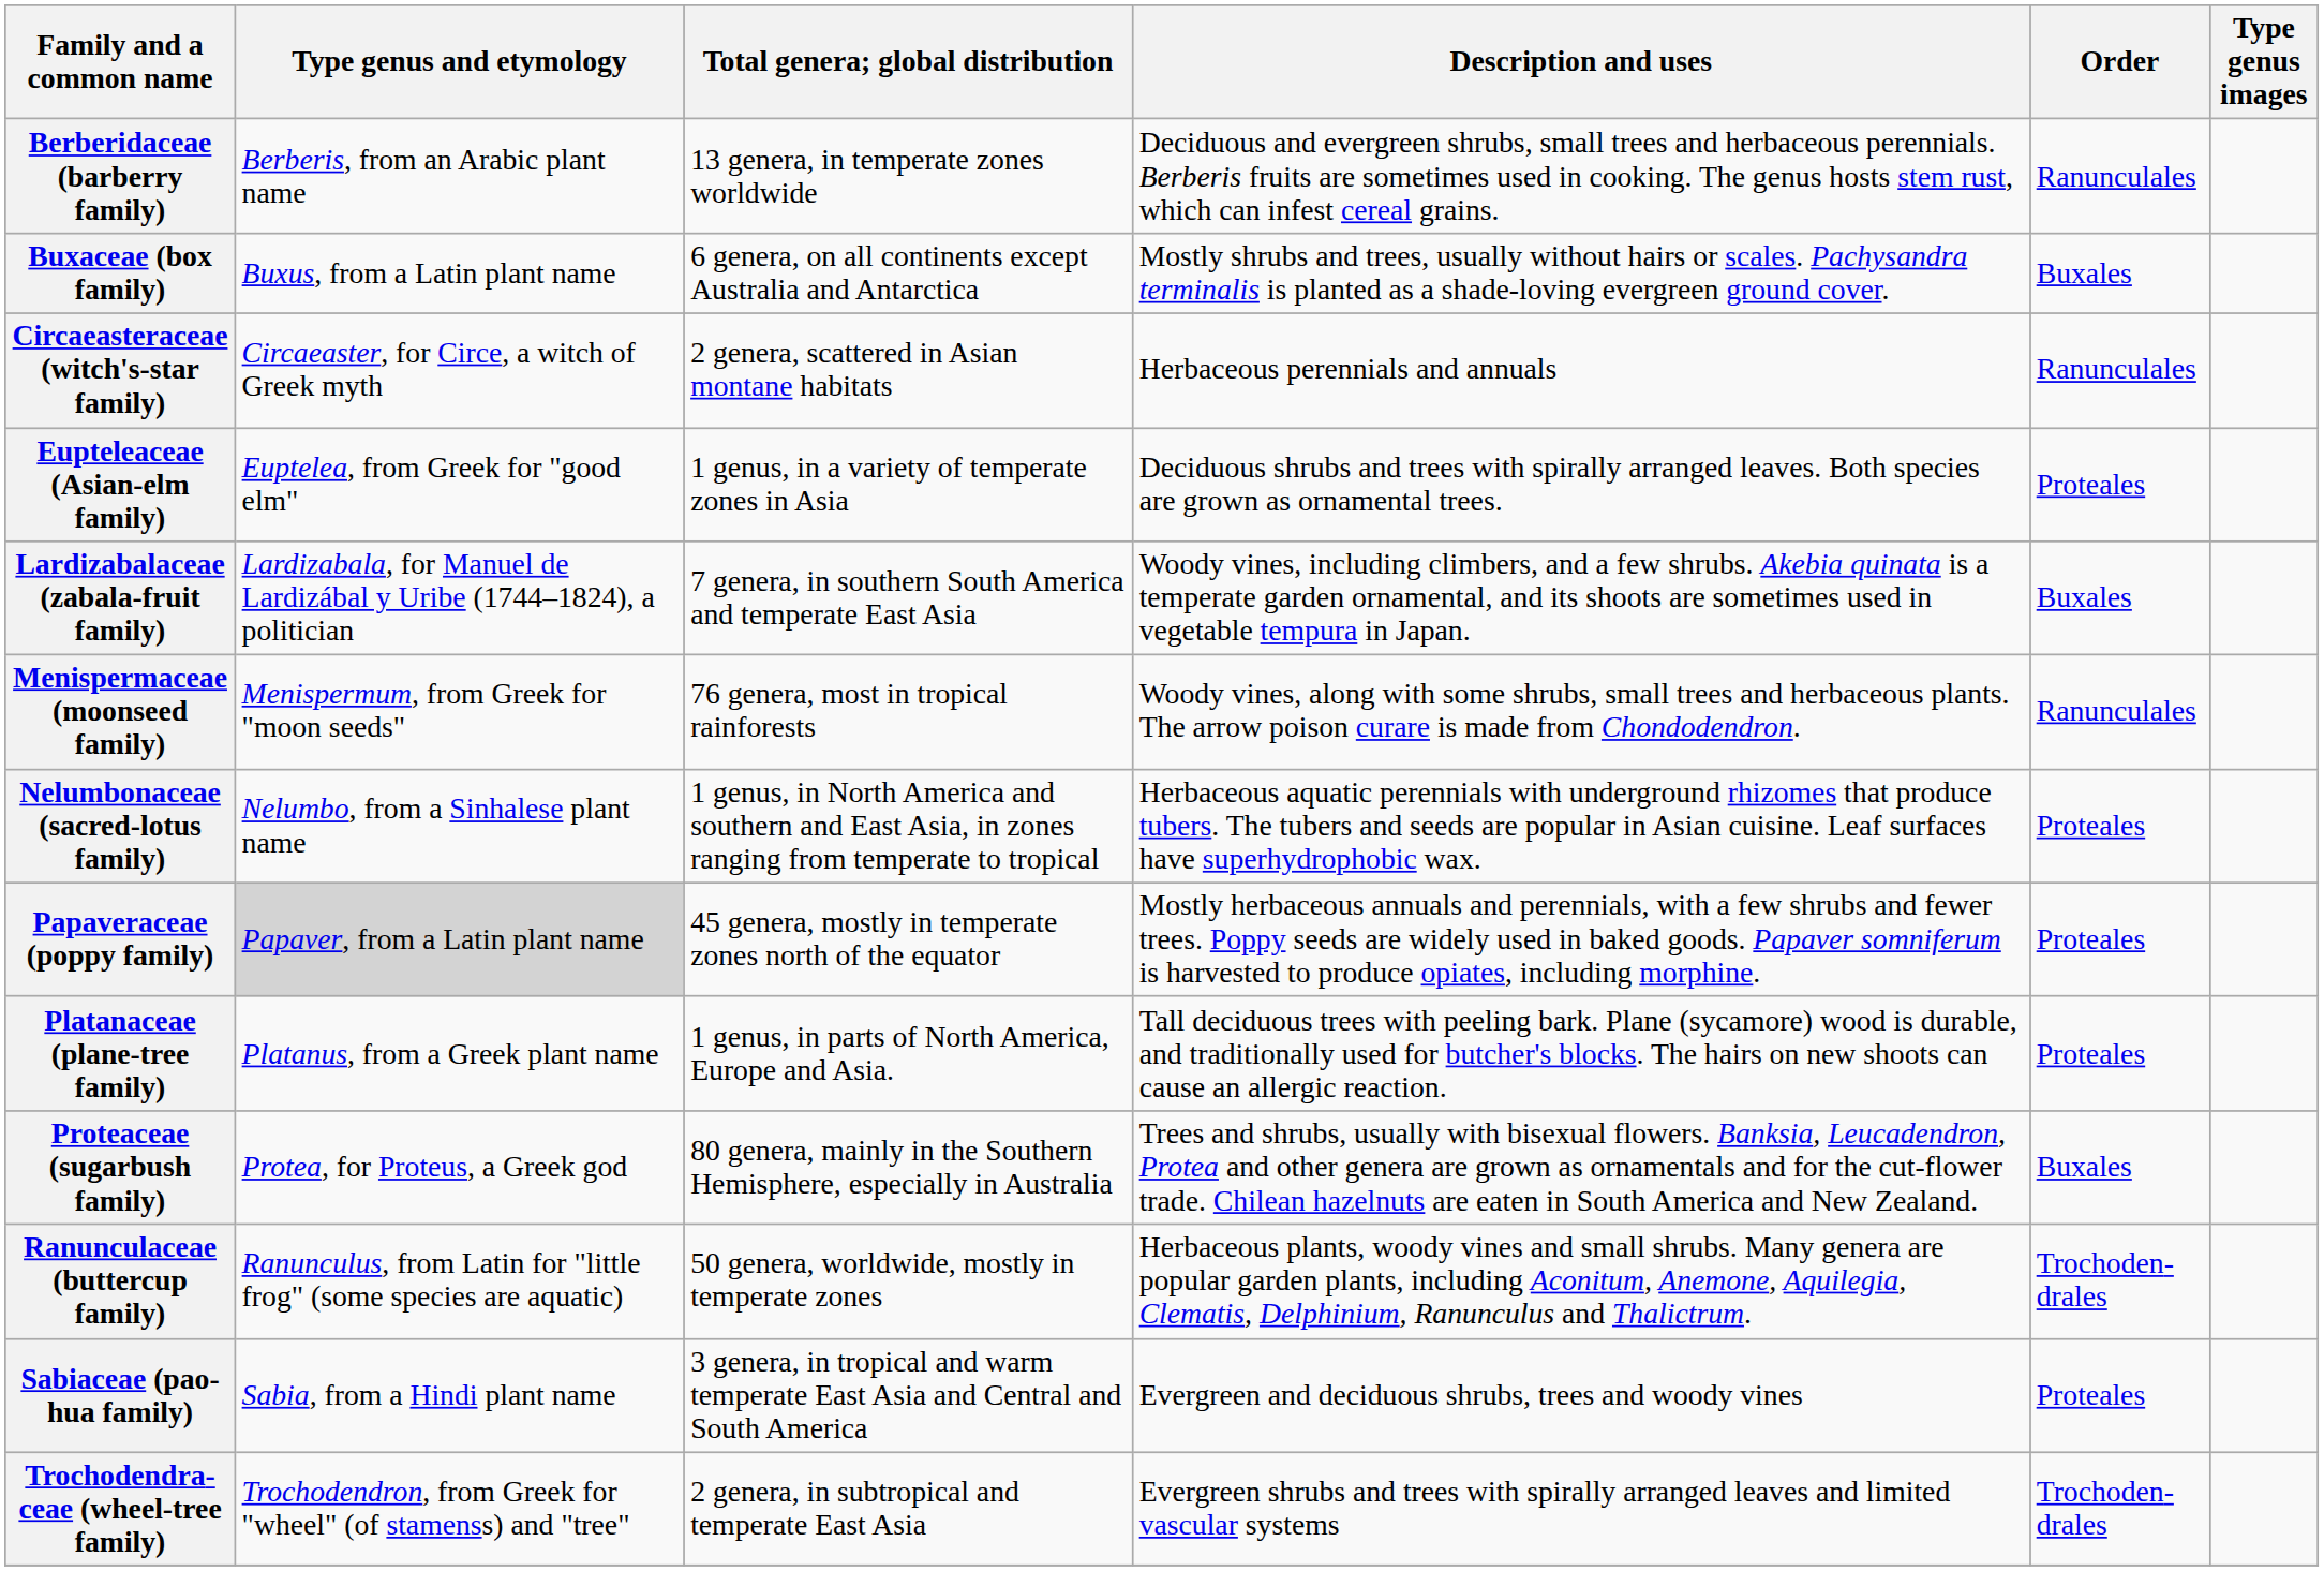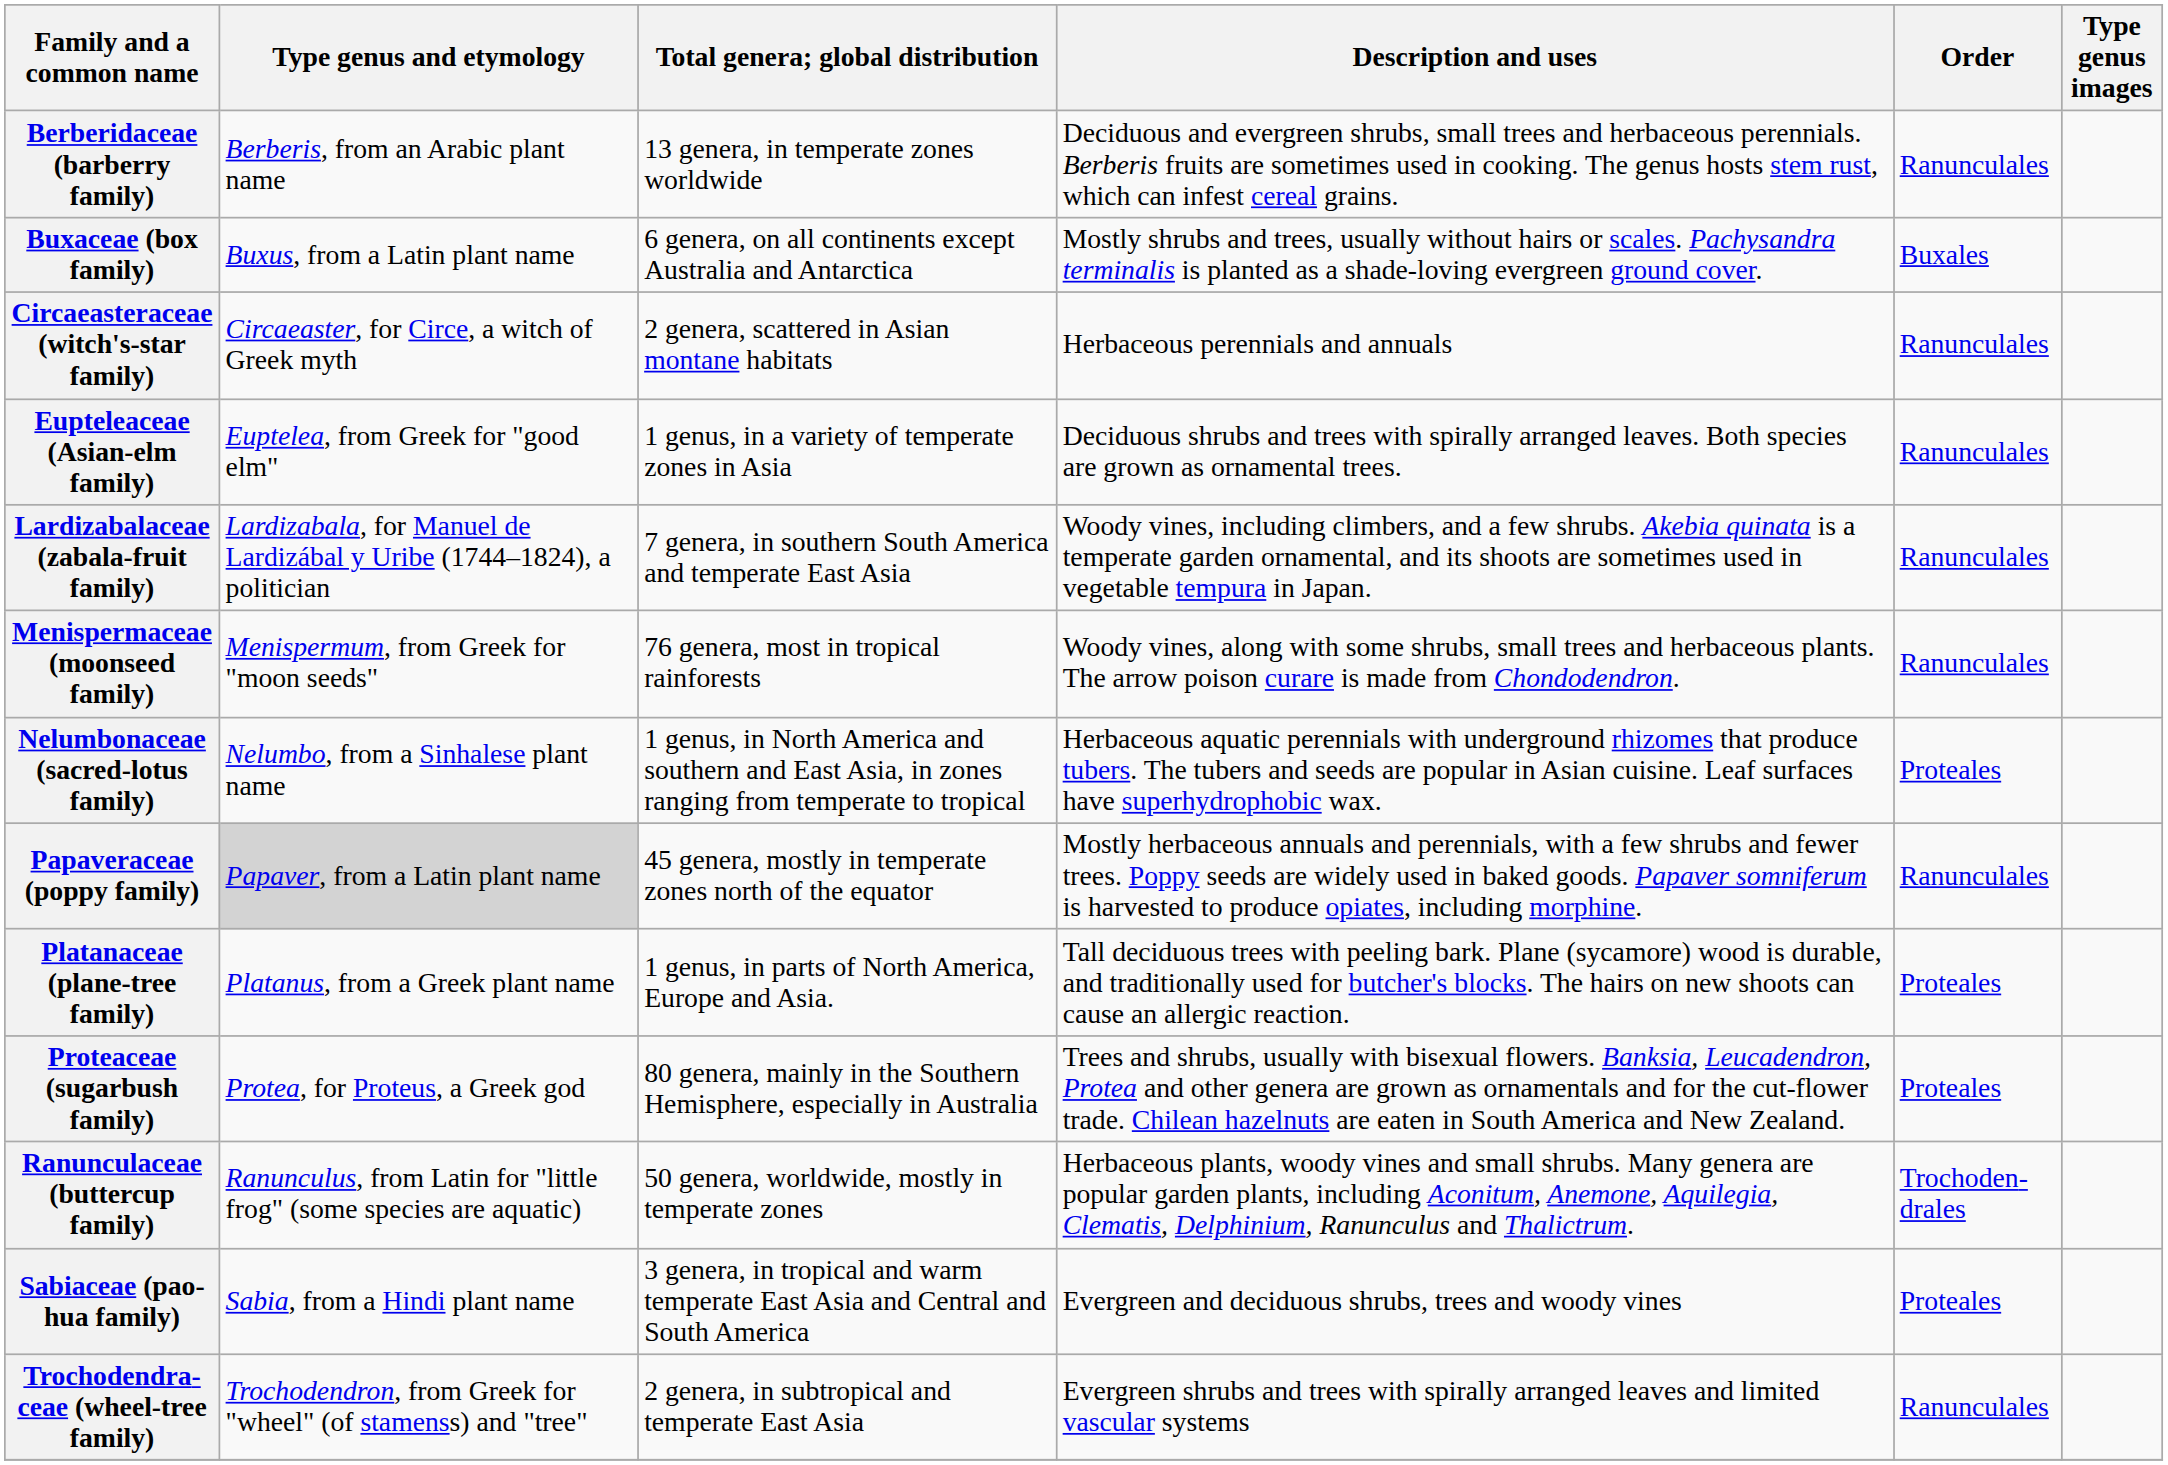 <table class="sortable wikitable plainrowheaders">
 <tr>
 <th scope="col" width="1%">Family and a common name</th>
 <th scope="col" width="15%">Type genus and etymology</th>
 <th scope="col" width="15%">Total genera; global distribution</th>
 <th scope="col" class=unsortable width="30%" style="min-width:160px;">Description and uses</th>
 <th scope="col" width="1%">Order</th>
 <th scope="col" width="1%">Type genus images</th>
 </tr>
 <tr>
 <th scope="row"><a href='#'>Berberidaceae</a> (barberry family)</th>
 <td><em><a href='#'>Berberis</a></em>, from an Arabic plant name</td>
 <td>13 genera, in temperate zones worldwide</td>
 <td>Deciduous and evergreen shrubs, small trees and herbaceous perennials. <em>Berberis</em> fruits are sometimes used in cooking. The genus hosts <a href='#'>stem rust</a>, which can infest <a href='#'>cereal</a> grains.</td>
 <td><a href='#'>Ranunculales</a></td>
 <td></td>
 </tr>
 <tr>
 <th scope="row"><a href='#'>Buxaceae</a> (box family)</th>
 <td><em><a href='#'>Buxus</a></em>, from a Latin plant name</td>
 <td>6 genera, on all continents except Australia and Antarctica</td>
 <td>Mostly shrubs and trees, usually without hairs or <a href='#'>scales</a>. <em><a href='#'>Pachysandra terminalis</a></em> is planted as a shade-loving evergreen <a href='#'>ground cover</a>.</td>
 <td><a href='#'>Buxales</a></td>
 <td></td>
 </tr>
 <tr>
 <th scope="row"><a href='#'>Circaeastera­ceae</a> (witch's-star family)</th>
 <td><em><a href='#'>Circaeaster</a></em>, for <a href='#'>Circe</a>, a witch of Greek myth</td>
 <td>2 genera, scattered in Asian <a href='#'>montane</a> habitats</td>
 <td>Herbaceous perennials and annuals</td>
 <td><a href='#'>Ranunculales</a></td>
 <td></td>
 </tr>
 <tr>
 <th scope="row"><a href='#'>Eupteleaceae</a> (Asian-elm family)</th>
 <td><em><a href='#'>Euptelea</a></em>, from Greek for "good elm"</td>
 <td>1 genus, in a variety of temperate zones in Asia</td>
 <td>Deciduous shrubs and trees with spirally arranged leaves. Both species are grown as ornamental trees.</td>
-<td><a href='#'>Proteales</a></td>
+<td><a href='#'>Ranunculales</a></td>
 <td></td>
 </tr>
 <tr>
 <th scope="row"><a href='#'>Lardizabalaceae</a> (zabala-fruit family)</th>
 <td><em><a href='#'>Lardizabala</a></em>, for <a href='#'>Manuel de Lardizábal y Uribe</a> (1744–1824), a politician</td>
 <td>7 genera, in southern South America and temperate East Asia</td>
 <td>Woody vines, including climbers, and a few shrubs. <em><a href='#'>Akebia quinata</a></em> is a temperate garden ornamental, and its shoots are sometimes used in vegetable <a href='#'>tempura</a> in Japan.</td>
-<td><a href='#'>Buxales</a></td>
+<td><a href='#'>Ranunculales</a></td>
 <td></td>
 </tr>
 <tr>
 <th scope="row"><a href='#'>Menisperma­ceae</a> (moonseed family)</th>
 <td><em><a href='#'>Menispermum</a></em>, from Greek for "moon seeds"</td>
 <td>76 genera, most in tropical rainforests</td>
 <td>Woody vines, along with some shrubs, small trees and herbaceous plants. The arrow poison <a href='#'>curare</a> is made from <em><a href='#'>Chondodendron</a></em>.</td>
 <td><a href='#'>Ranunculales</a></td>
 <td></td>
 </tr>
 <tr>
 <th scope="row"><a href='#'>Nelumbonaceae</a> (sacred-lotus family)</th>
 <td><em><a href='#'>Nelumbo</a></em>, from a <a href='#'>Sinhalese</a> plant name</td>
 <td>1 genus, in North America and southern and East Asia, in zones ranging from temperate to tropical</td>
 <td>Herbaceous aquatic perennials with underground <a href='#'>rhizomes</a> that produce <a href='#'>tubers</a>. The tubers and seeds are popular in Asian cuisine. Leaf surfaces have <a href='#'>superhydrophobic</a> wax. </td>
 <td><a href='#'>Proteales</a></td>
 <td></td>
 </tr>
 <tr>
 <th scope="row"><a href='#'>Papaveraceae</a> (poppy family)</th>
 <td style="background: lightgrey;"><em><a href='#'>Papaver</a></em>, from a Latin plant name</td>
 <td>45 genera, mostly in temperate zones north of the equator</td>
 <td>Mostly herbaceous annuals and perennials, with a few shrubs and fewer trees. <a href='#'>Poppy</a> seeds are widely used in baked goods. <em><a href='#'>Papaver somniferum</a></em> is harvested to produce <a href='#'>opiates</a>, including <a href='#'>morphine</a>.</td>
-<td><a href='#'>Proteales</a></td>
+<td><a href='#'>Ranunculales</a></td>
 <td></td>
 </tr>
 <tr>
 <th scope="row"><a href='#'>Platanaceae</a> (plane-tree family)</th>
 <td><em><a href='#'>Platanus</a></em>, from a Greek plant name</td>
 <td>1 genus, in parts of North America, Europe and Asia.</td>
 <td>Tall deciduous trees with peeling bark. Plane (sycamore) wood is durable, and traditionally used for <a href='#'>butcher's blocks</a>. The hairs on new shoots can cause an allergic reaction.</td>
 <td><a href='#'>Proteales</a></td>
 <td></td>
 </tr>
 <tr>
 <th scope="row"><a href='#'>Proteaceae</a> (sugarbush family)</th>
 <td><em><a href='#'>Protea</a></em>, for <a href='#'>Proteus</a>, a Greek god</td>
 <td>80 genera, mainly in the Southern Hemisphere, especially in Australia</td>
 <td>Trees and shrubs, usually with bisexual flowers. <em><a href='#'>Banksia</a>, <a href='#'>Leucadendron</a>, <a href='#'>Protea</a></em> and other genera are grown as ornamentals and for the cut-flower trade. <a href='#'>Chilean hazelnuts</a> are eaten in South America and New Zealand.</td>
-<td><a href='#'>Buxales</a></td>
+<td><a href='#'>Proteales</a></td>
 <td></td>
 </tr>
 <tr>
 <th scope="row"><a href='#'>Ranunculaceae</a> (buttercup family)</th>
 <td><em><a href='#'>Ranunculus</a></em>, from Latin for "little frog" (some species are aquatic)</td>
 <td>50 genera, worldwide, mostly in temperate zones</td>
 <td>Herbaceous plants, woody vines and small shrubs. Many genera are popular garden plants, including <em><a href='#'>Aconitum</a>, <a href='#'>Anemone</a>, <a href='#'>Aquilegia</a>, <a href='#'>Clematis</a>, <a href='#'>Delphinium</a>, Ranunculus</em> and <em><a href='#'>Thalictrum</a></em>.</td>
 <td><a href='#'>Trochoden­drales</a></td>
 <td></td>
 </tr>
 <tr>
 <th scope="row"><a href='#'>Sabiaceae</a> (pao-hua family)</th>
 <td><em><a href='#'>Sabia</a></em>, from a <a href='#'>Hindi</a> plant name</td>
 <td>3 genera, in tropical and warm temperate East Asia and Central and South America</td>
 <td>Evergreen and deciduous shrubs, trees and woody vines</td>
 <td><a href='#'>Proteales</a></td>
 <td></td>
 </tr>
 <tr>
 <th scope="row"><a href='#'>Trochodendra­ceae</a> (wheel-tree family)</th>
 <td><em><a href='#'>Trochodendron</a></em>, from Greek for "wheel" (of <a href='#'>stamens</a>s) and "tree"</td>
 <td>2 genera, in subtropical and temperate East Asia</td>
 <td>Evergreen shrubs and trees with spirally arranged leaves and limited <a href='#'>vascular</a> systems</td>
-<td><a href='#'>Trochoden­drales</a></td>
+<td><a href='#'>Ranunculales</a></td>
 <td></td>
 </tr>
 <tr>
 </tr>
 </table>
